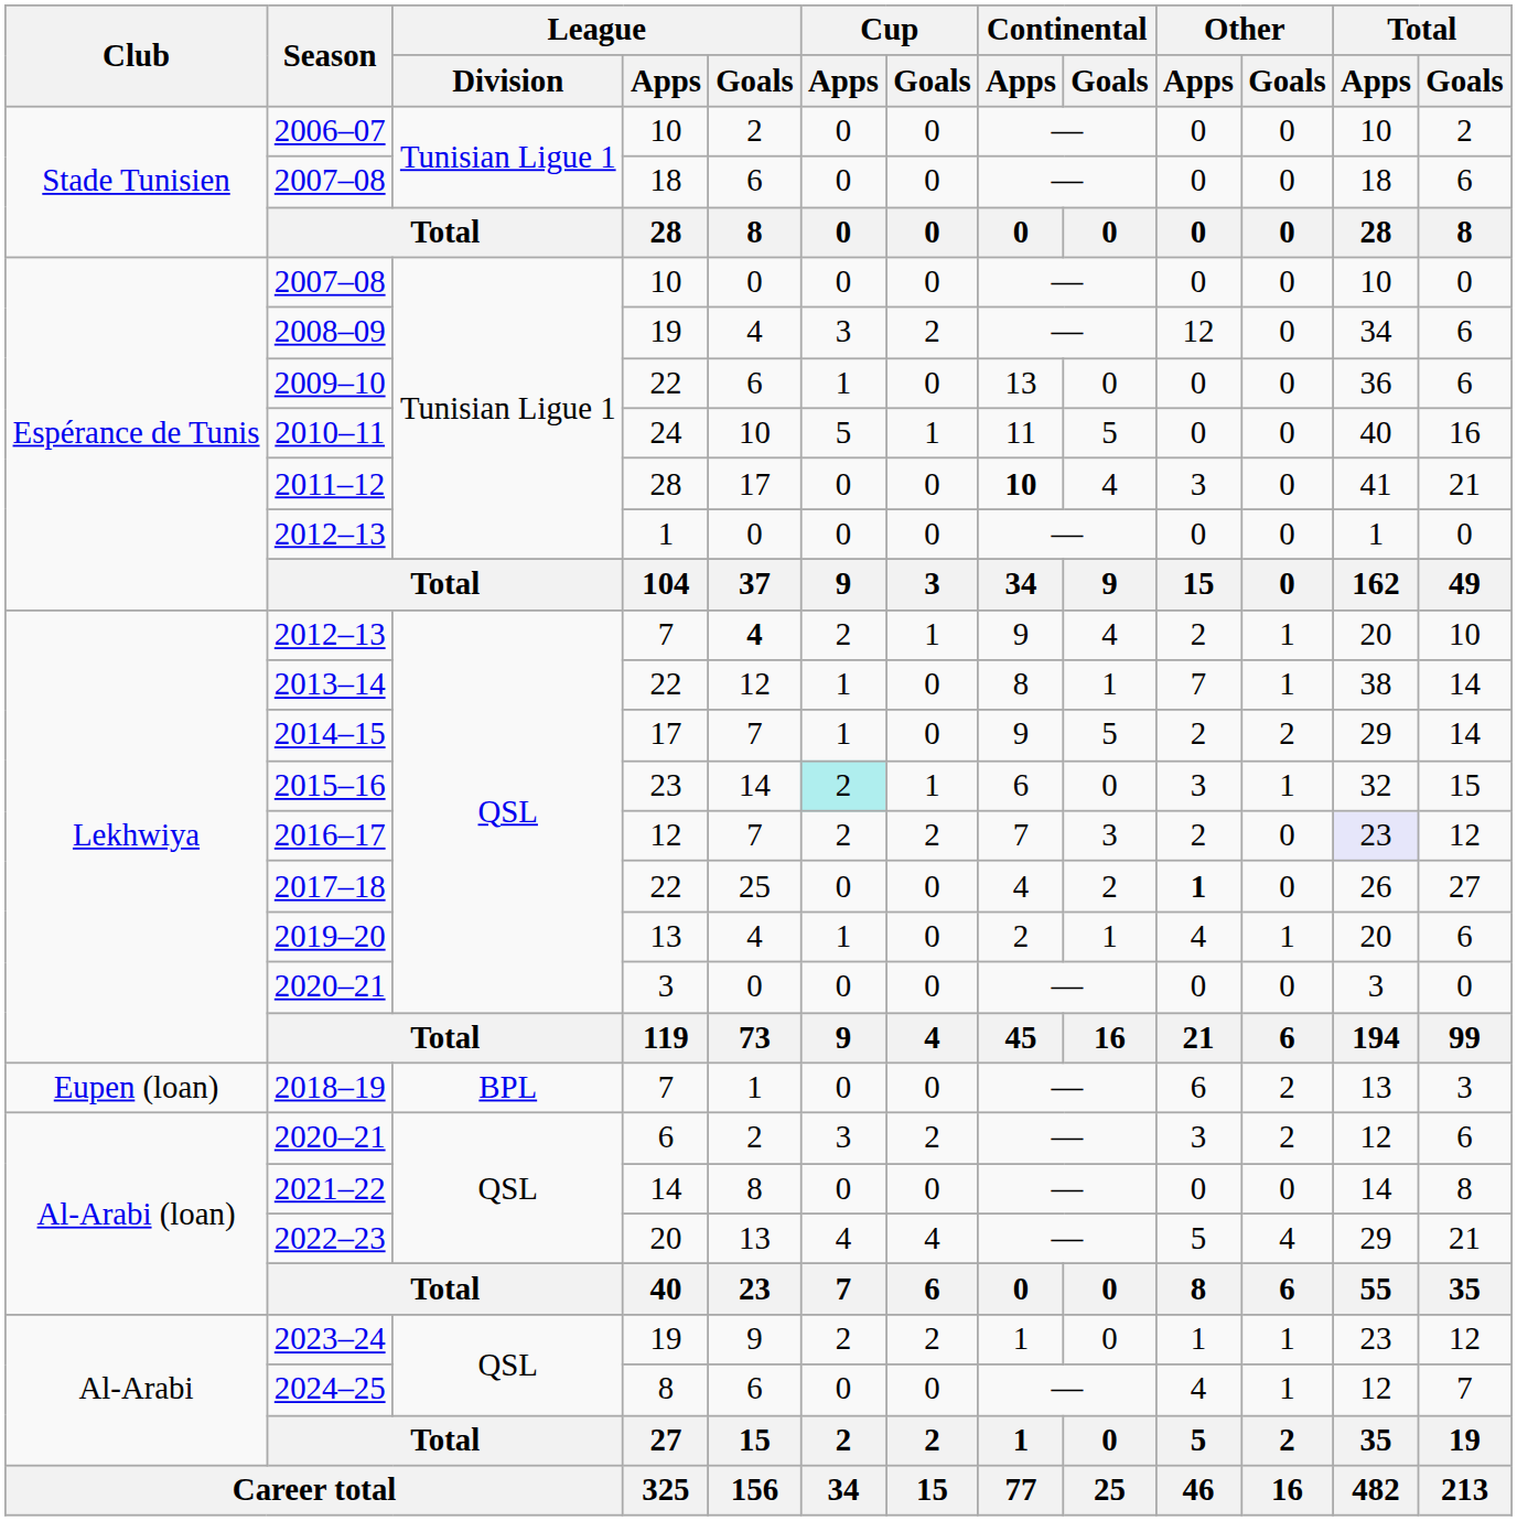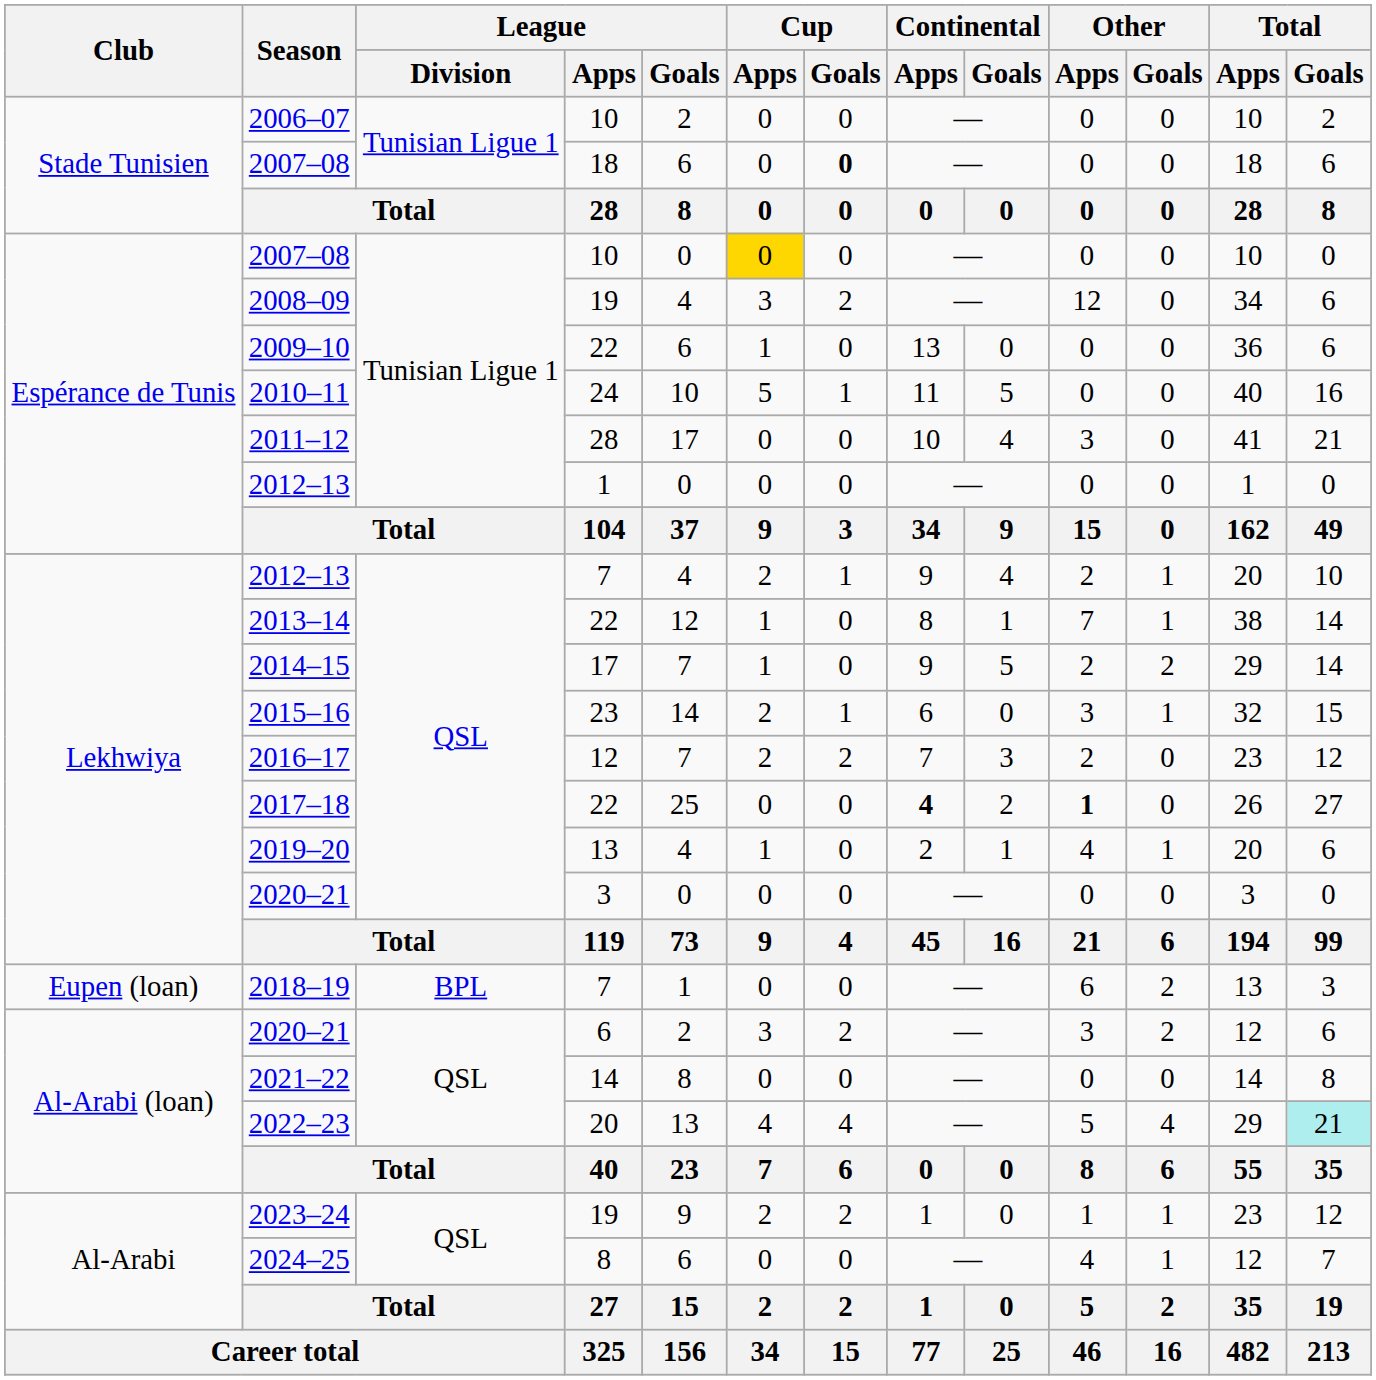 <table class="wikitable" style="text-align:center">
 <tr>
 <th rowspan="2">Club</th>
 <th rowspan="2">Season</th>
 <th colspan="3">League</th>
 <th colspan="2">Cup</th>
 <th colspan="2">Continental</th>
 <th colspan="2">Other</th>
 <th colspan="2">Total</th>
 </tr>
 <tr>
 <th>Division</th>
 <th>Apps</th>
 <th>Goals</th>
 <th>Apps</th>
 <th>Goals</th>
 <th>Apps</th>
 <th>Goals</th>
 <th>Apps</th>
 <th>Goals</th>
 <th>Apps</th>
 <th>Goals</th>
 </tr>
 <tr>
 <td rowspan="3"><a href='#'>Stade Tunisien</a></td>
 <td><a href='#'>2006–07</a></td>
 <td rowspan="2"><a href='#'>Tunisian Ligue 1</a></td>
 <td>10</td>
 <td>2</td>
 <td>0</td>
 <td>0</td>
 <td colspan="2">—</td>
 <td>0</td>
 <td>0</td>
 <td>10</td>
 <td>2</td>
 </tr>
 <tr>
 <td><a href='#'>2007–08</a></td>
 <td>18</td>
 <td>6</td>
 <td>0</td>
-<td>0</td>
+<td><strong>0</strong></td>
 <td colspan="2">—</td>
 <td>0</td>
 <td>0</td>
 <td>18</td>
 <td>6</td>
 </tr>
 <tr>
 <th colspan="2">Total</th>
 <th>28</th>
 <th>8</th>
 <th>0</th>
 <th>0</th>
 <th>0</th>
 <th>0</th>
 <th>0</th>
 <th>0</th>
 <th>28</th>
 <th>8</th>
 </tr>
 <tr>
 <td rowspan="7"><a href='#'>Espérance de Tunis</a></td>
 <td><a href='#'>2007–08</a></td>
 <td rowspan="6">Tunisian Ligue 1</td>
 <td>10</td>
 <td>0</td>
-<td>0</td>
+<td style="background: gold;">0</td>
 <td>0</td>
 <td colspan="2">—</td>
 <td>0</td>
 <td>0</td>
 <td>10</td>
 <td>0</td>
 </tr>
 <tr>
 <td><a href='#'>2008–09</a></td>
 <td>19</td>
 <td>4</td>
 <td>3</td>
 <td>2</td>
 <td colspan="2">—</td>
 <td>12</td>
 <td>0</td>
 <td>34</td>
 <td>6</td>
 </tr>
 <tr>
 <td><a href='#'>2009–10</a></td>
 <td>22</td>
 <td>6</td>
 <td>1</td>
 <td>0</td>
 <td>13</td>
 <td>0</td>
 <td>0</td>
 <td>0</td>
 <td>36</td>
 <td>6</td>
 </tr>
 <tr>
 <td><a href='#'>2010–11</a></td>
 <td>24</td>
 <td>10</td>
 <td>5</td>
 <td>1</td>
 <td>11</td>
 <td>5</td>
 <td>0</td>
 <td>0</td>
 <td>40</td>
 <td>16</td>
 </tr>
 <tr>
 <td><a href='#'>2011–12</a></td>
 <td>28</td>
 <td>17</td>
 <td>0</td>
 <td>0</td>
-<td><strong>10</strong></td>
+<td>10</td>
 <td>4</td>
 <td>3</td>
 <td>0</td>
 <td>41</td>
 <td>21</td>
 </tr>
 <tr>
 <td><a href='#'>2012–13</a></td>
 <td>1</td>
 <td>0</td>
 <td>0</td>
 <td>0</td>
 <td colspan="2">—</td>
 <td>0</td>
 <td>0</td>
 <td>1</td>
 <td>0</td>
 </tr>
 <tr>
 <th colspan="2">Total</th>
 <th>104</th>
 <th>37</th>
 <th>9</th>
 <th>3</th>
 <th>34</th>
 <th>9</th>
 <th>15</th>
 <th>0</th>
 <th>162</th>
 <th>49</th>
 </tr>
 <tr>
 <td rowspan="9"><a href='#'>Lekhwiya</a></td>
 <td><a href='#'>2012–13</a></td>
 <td rowspan="8"><a href='#'>QSL</a></td>
 <td>7</td>
-<td><strong>4</strong></td>
+<td>4</td>
 <td>2</td>
 <td>1</td>
 <td>9</td>
 <td>4</td>
 <td>2</td>
 <td>1</td>
 <td>20</td>
 <td>10</td>
 </tr>
 <tr>
 <td><a href='#'>2013–14</a></td>
 <td>22</td>
 <td>12</td>
 <td>1</td>
 <td>0</td>
 <td>8</td>
 <td>1</td>
 <td>7</td>
 <td>1</td>
 <td>38</td>
 <td>14</td>
 </tr>
 <tr>
 <td><a href='#'>2014–15</a></td>
 <td>17</td>
 <td>7</td>
 <td>1</td>
 <td>0</td>
 <td>9</td>
 <td>5</td>
 <td>2</td>
 <td>2</td>
 <td>29</td>
 <td>14</td>
 </tr>
 <tr>
 <td><a href='#'>2015–16</a></td>
 <td>23</td>
 <td>14</td>
-<td style="background: paleturquoise;">2</td>
+<td>2</td>
 <td>1</td>
 <td>6</td>
 <td>0</td>
 <td>3</td>
 <td>1</td>
 <td>32</td>
 <td>15</td>
 </tr>
 <tr>
 <td><a href='#'>2016–17</a></td>
 <td>12</td>
 <td>7</td>
 <td>2</td>
 <td>2</td>
 <td>7</td>
 <td>3</td>
 <td>2</td>
 <td>0</td>
-<td style="background: lavender;">23</td>
+<td>23</td>
 <td>12</td>
 </tr>
 <tr>
 <td><a href='#'>2017–18</a></td>
 <td>22</td>
 <td>25</td>
 <td>0</td>
 <td>0</td>
-<td>4</td>
+<td><strong>4</strong></td>
 <td>2</td>
 <td><strong>1</strong></td>
 <td>0</td>
 <td>26</td>
 <td>27</td>
 </tr>
 <tr>
 <td><a href='#'>2019–20</a></td>
 <td>13</td>
 <td>4</td>
 <td>1</td>
 <td>0</td>
 <td>2</td>
 <td>1</td>
 <td>4</td>
 <td>1</td>
 <td>20</td>
 <td>6</td>
 </tr>
 <tr>
 <td><a href='#'>2020–21</a></td>
 <td>3</td>
 <td>0</td>
 <td>0</td>
 <td>0</td>
 <td colspan="2">—</td>
 <td>0</td>
 <td>0</td>
 <td>3</td>
 <td>0</td>
 </tr>
 <tr>
 <th colspan="2">Total</th>
 <th>119</th>
 <th>73</th>
 <th>9</th>
 <th>4</th>
 <th>45</th>
 <th>16</th>
 <th>21</th>
 <th>6</th>
 <th>194</th>
 <th>99</th>
 </tr>
 <tr>
 <td><a href='#'>Eupen</a> (loan)</td>
 <td><a href='#'>2018–19</a></td>
 <td><a href='#'>BPL</a></td>
 <td>7</td>
 <td>1</td>
 <td>0</td>
 <td>0</td>
 <td colspan="2">—</td>
 <td>6</td>
 <td>2</td>
 <td>13</td>
 <td>3</td>
 </tr>
 <tr>
 <td rowspan="4"><a href='#'>Al-Arabi</a> (loan)</td>
 <td><a href='#'>2020–21</a></td>
 <td rowspan="3">QSL</td>
 <td>6</td>
 <td>2</td>
 <td>3</td>
 <td>2</td>
 <td colspan="2">—</td>
 <td>3</td>
 <td>2</td>
 <td>12</td>
 <td>6</td>
 </tr>
 <tr>
 <td><a href='#'>2021–22</a></td>
 <td>14</td>
 <td>8</td>
 <td>0</td>
 <td>0</td>
 <td colspan="2">—</td>
 <td>0</td>
 <td>0</td>
 <td>14</td>
 <td>8</td>
 </tr>
 <tr>
 <td><a href='#'>2022–23</a></td>
 <td>20</td>
 <td>13</td>
 <td>4</td>
 <td>4</td>
 <td colspan="2">—</td>
 <td>5</td>
 <td>4</td>
 <td>29</td>
-<td>21</td>
+<td style="background: paleturquoise;">21</td>
 </tr>
 <tr>
 <th colspan="2">Total</th>
 <th>40</th>
 <th>23</th>
 <th>7</th>
 <th>6</th>
 <th>0</th>
 <th>0</th>
 <th>8</th>
 <th>6</th>
 <th>55</th>
 <th>35</th>
 </tr>
 <tr>
 <td rowspan="3">Al-Arabi</td>
 <td><a href='#'>2023–24</a></td>
 <td rowspan="2">QSL</td>
 <td>19</td>
 <td>9</td>
 <td>2</td>
 <td>2</td>
 <td>1</td>
 <td>0</td>
 <td>1</td>
 <td>1</td>
 <td>23</td>
 <td>12</td>
 </tr>
 <tr>
 <td><a href='#'>2024–25</a></td>
 <td>8</td>
 <td>6</td>
 <td>0</td>
 <td>0</td>
 <td colspan="2">—</td>
 <td>4</td>
 <td>1</td>
 <td>12</td>
 <td>7</td>
 </tr>
 <tr>
 <th colspan="2">Total</th>
 <th>27</th>
 <th>15</th>
 <th>2</th>
 <th>2</th>
 <th>1</th>
 <th>0</th>
 <th>5</th>
 <th>2</th>
 <th>35</th>
 <th>19</th>
 </tr>
 <tr>
 <th colspan="3">Career total</th>
 <th>325</th>
 <th>156</th>
 <th>34</th>
 <th>15</th>
 <th>77</th>
 <th>25</th>
 <th>46</th>
 <th>16</th>
 <th>482</th>
 <th>213</th>
 </tr>
 </table>
